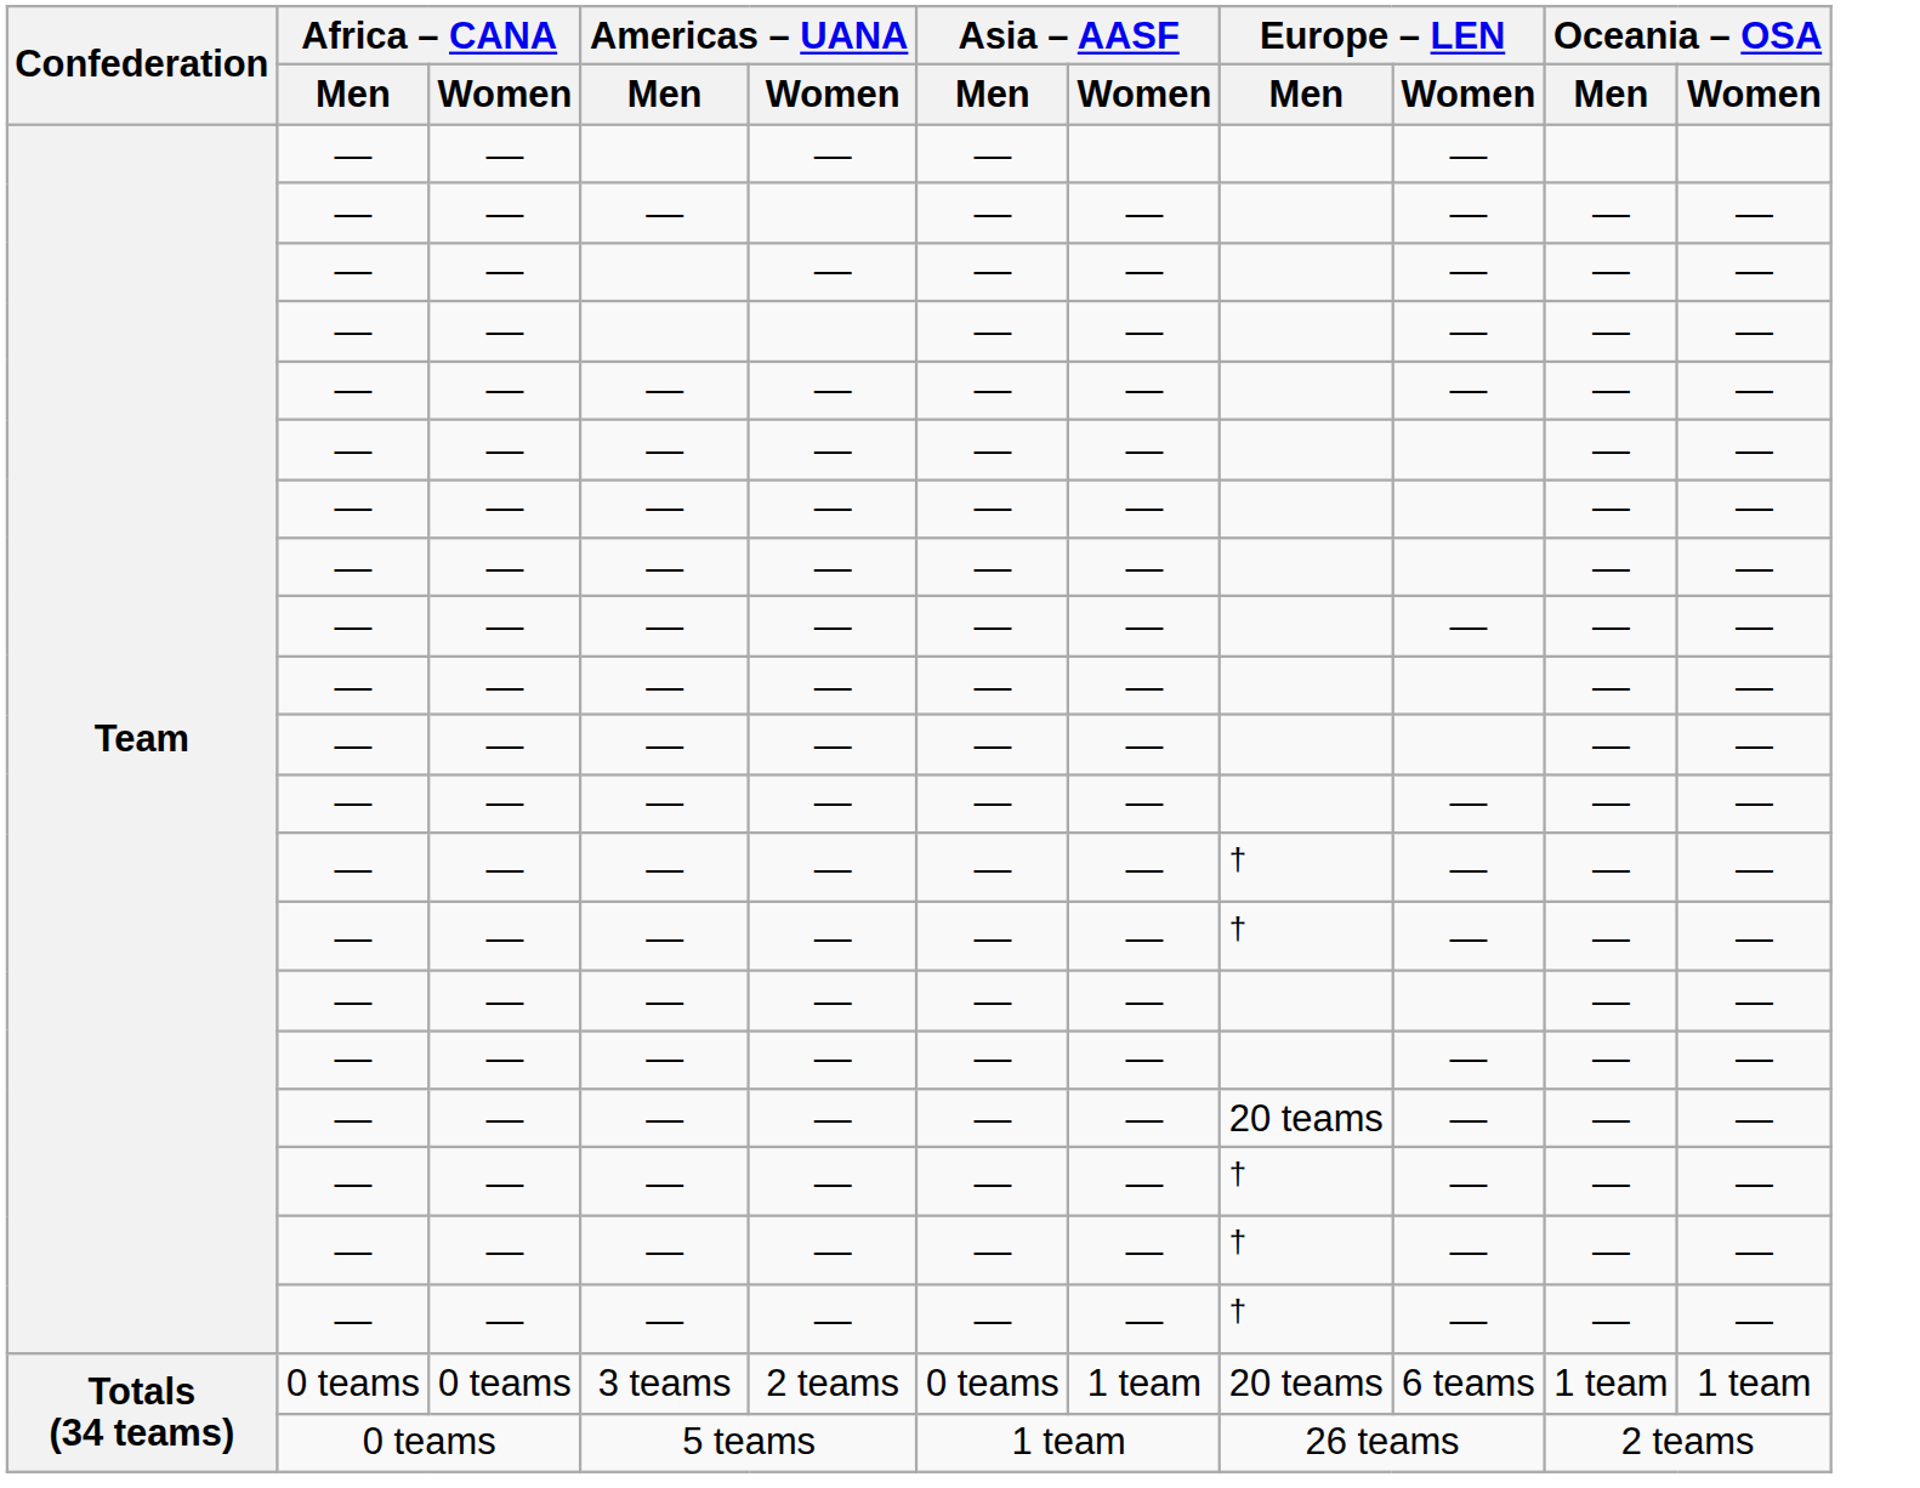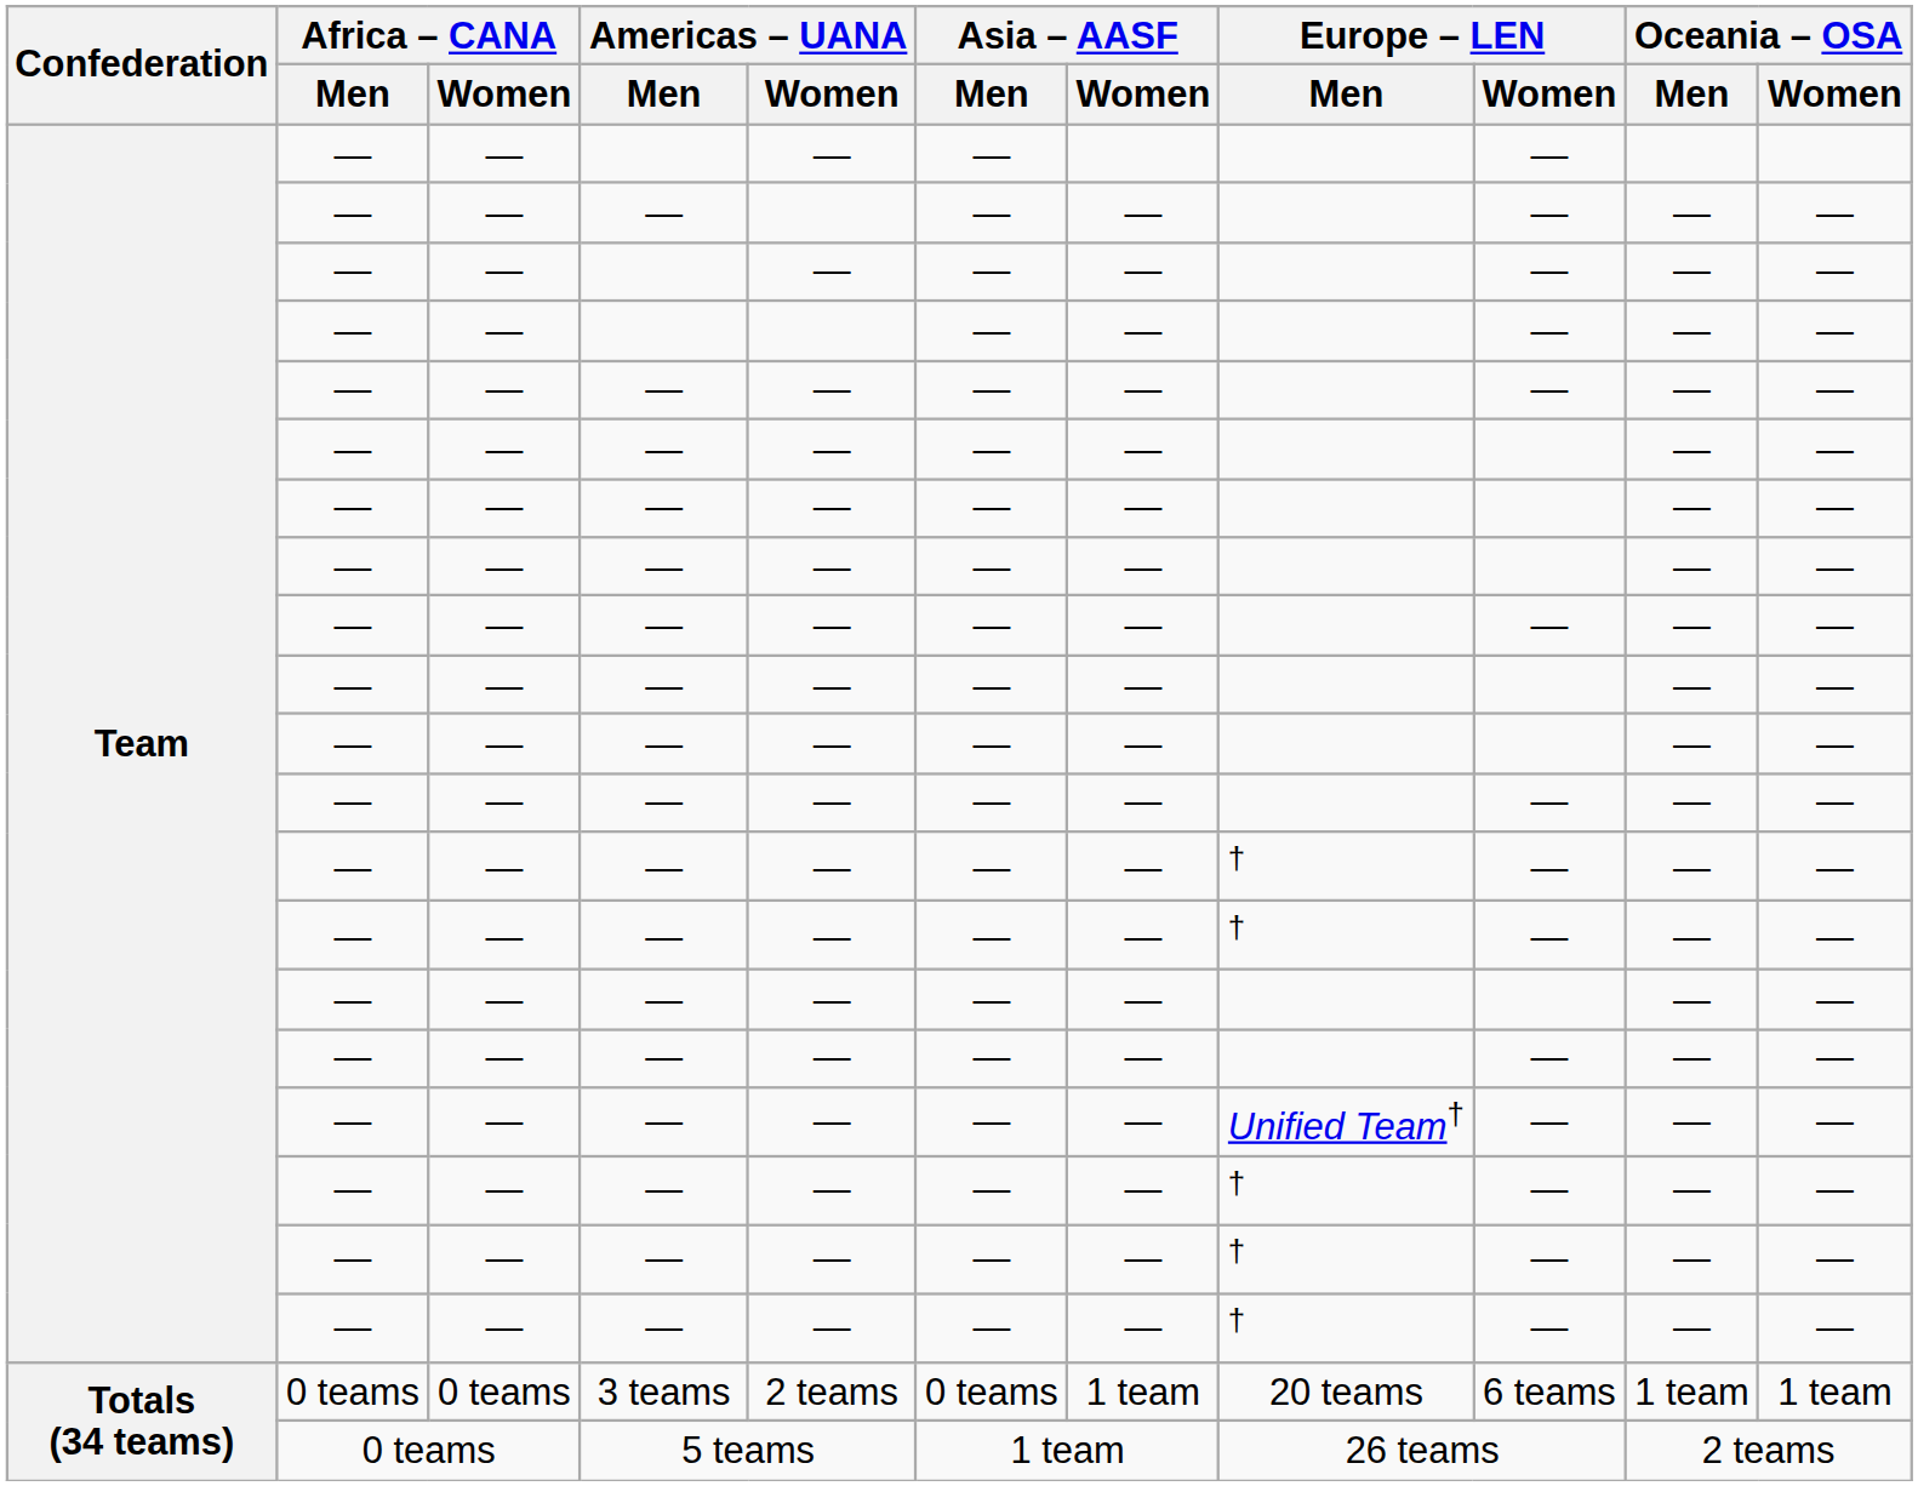 <table class="wikitable" style="text-align: center; font-size: 85%; margin-left: 1em;">
 <tr>
 <th rowspan="2">Confederation</th>
 <th colspan="2">Africa – <a href='#'>CANA</a></th>
 <th colspan="2">Americas – <a href='#'>UANA</a></th>
 <th colspan="2">Asia – <a href='#'>AASF</a></th>
 <th colspan="2">Europe – <a href='#'>LEN</a></th>
 <th colspan="2">Oceania – <a href='#'>OSA</a></th>
 </tr>
 <tr>
 <th>Men</th>
 <th>Women</th>
 <th>Men</th>
 <th>Women</th>
 <th>Men</th>
 <th>Women</th>
 <th>Men</th>
 <th>Women</th>
 <th>Men</th>
 <th>Women</th>
 </tr>
 <tr>
 <th rowspan="20">Team</th>
 <td>—</td>
 <td>—</td>
 <td style="text-align: left;"></td>
 <td>—</td>
 <td>—</td>
 <td style="text-align: left;"></td>
 <td style="text-align: left;"></td>
 <td>—</td>
 <td style="text-align: left;"></td>
 <td style="text-align: left;"></td>
 </tr>
 <tr>
 <td>—</td>
 <td>—</td>
 <td>—</td>
 <td style="text-align: left;"></td>
 <td>—</td>
 <td>—</td>
 <td style="text-align: left;"></td>
 <td>—</td>
 <td>—</td>
 <td>—</td>
 </tr>
 <tr>
 <td>—</td>
 <td>—</td>
 <td style="text-align: left;"></td>
 <td>—</td>
 <td>—</td>
 <td>—</td>
 <td style="text-align: left;"></td>
 <td>—</td>
 <td>—</td>
 <td>—</td>
 </tr>
 <tr>
 <td>—</td>
 <td>—</td>
 <td style="text-align: left;"></td>
 <td style="text-align: left;"></td>
 <td>—</td>
 <td>—</td>
 <td style="text-align: left;"></td>
 <td>—</td>
 <td>—</td>
 <td>—</td>
 </tr>
 <tr>
 <td>—</td>
 <td>—</td>
 <td>—</td>
 <td>—</td>
 <td>—</td>
 <td>—</td>
 <td style="text-align: left;"></td>
 <td>—</td>
 <td>—</td>
 <td>—</td>
 </tr>
 <tr>
 <td>—</td>
 <td>—</td>
 <td>—</td>
 <td>—</td>
 <td>—</td>
 <td>—</td>
 <td style="text-align: left;"></td>
 <td style="text-align: left;"></td>
 <td>—</td>
 <td>—</td>
 </tr>
 <tr>
 <td>—</td>
 <td>—</td>
 <td>—</td>
 <td>—</td>
 <td>—</td>
 <td>—</td>
 <td style="text-align: left;"></td>
 <td style="text-align: left;"></td>
 <td>—</td>
 <td>—</td>
 </tr>
 <tr>
 <td>—</td>
 <td>—</td>
 <td>—</td>
 <td>—</td>
 <td>—</td>
 <td>—</td>
 <td style="text-align: left;"></td>
 <td style="text-align: left;"></td>
 <td>—</td>
 <td>—</td>
 </tr>
 <tr>
 <td>—</td>
 <td>—</td>
 <td>—</td>
 <td>—</td>
 <td>—</td>
 <td>—</td>
 <td style="text-align: left;"></td>
 <td>—</td>
 <td>—</td>
 <td>—</td>
 </tr>
 <tr>
 <td>—</td>
 <td>—</td>
 <td>—</td>
 <td>—</td>
 <td>—</td>
 <td>—</td>
 <td style="text-align: left;"></td>
 <td style="text-align: left;"></td>
 <td>—</td>
 <td>—</td>
 </tr>
 <tr>
 <td>—</td>
 <td>—</td>
 <td>—</td>
 <td>—</td>
 <td>—</td>
 <td>—</td>
 <td style="text-align: left;"></td>
 <td style="text-align: left;"></td>
 <td>—</td>
 <td>—</td>
 </tr>
 <tr>
 <td>—</td>
 <td>—</td>
 <td>—</td>
 <td>—</td>
 <td>—</td>
 <td>—</td>
 <td style="text-align: left;"></td>
 <td>—</td>
 <td>—</td>
 <td>—</td>
 </tr>
 <tr>
 <td>—</td>
 <td>—</td>
 <td>—</td>
 <td>—</td>
 <td>—</td>
 <td>—</td>
 <td style="text-align: left;"><em></em><sup>†</sup></td>
 <td>—</td>
 <td>—</td>
 <td>—</td>
 </tr>
 <tr>
 <td>—</td>
 <td>—</td>
 <td>—</td>
 <td>—</td>
 <td>—</td>
 <td>—</td>
 <td style="text-align: left;"><em></em><sup>†</sup></td>
 <td>—</td>
 <td>—</td>
 <td>—</td>
 </tr>
 <tr>
 <td>—</td>
 <td>—</td>
 <td>—</td>
 <td>—</td>
 <td>—</td>
 <td>—</td>
 <td style="text-align: left;"></td>
 <td style="text-align: left;"></td>
 <td>—</td>
 <td>—</td>
 </tr>
 <tr>
 <td>—</td>
 <td>—</td>
 <td>—</td>
 <td>—</td>
 <td>—</td>
 <td>—</td>
 <td style="text-align: left;"></td>
 <td>—</td>
 <td>—</td>
 <td>—</td>
 </tr>
 <tr>
 <td>—</td>
 <td>—</td>
 <td>—</td>
 <td>—</td>
 <td>—</td>
 <td>—</td>
-<td>20 teams</td>
+<td style="text-align: left;"><em> <a href='#'>Unified Team</a></em><sup>†</sup></td>
 <td>—</td>
 <td>—</td>
 <td>—</td>
 </tr>
 <tr>
 <td>—</td>
 <td>—</td>
 <td>—</td>
 <td>—</td>
 <td>—</td>
 <td>—</td>
 <td style="text-align: left;"><em></em><sup>†</sup></td>
 <td>—</td>
 <td>—</td>
 <td>—</td>
 </tr>
 <tr>
 <td>—</td>
 <td>—</td>
 <td>—</td>
 <td>—</td>
 <td>—</td>
 <td>—</td>
 <td style="text-align: left;"><em></em><sup>†</sup></td>
 <td>—</td>
 <td>—</td>
 <td>—</td>
 </tr>
 <tr>
 <td>—</td>
 <td>—</td>
 <td>—</td>
 <td>—</td>
 <td>—</td>
 <td>—</td>
 <td style="text-align: left;"><em></em><sup>†</sup></td>
 <td>—</td>
 <td>—</td>
 <td>—</td>
 </tr>
 <tr>
 <th rowspan="2">Totals<br>(34 teams)</th>
 <td>0 teams</td>
 <td>0 teams</td>
 <td>3 teams</td>
 <td>2 teams</td>
 <td>0 teams</td>
 <td>1 team</td>
 <td>20 teams</td>
 <td>6 teams</td>
 <td>1 team</td>
 <td>1 team</td>
 </tr>
 <tr>
 <td colspan="2">0 teams</td>
 <td colspan="2">5 teams</td>
 <td colspan="2">1 team</td>
 <td colspan="2">26 teams</td>
 <td colspan="2">2 teams</td>
 </tr>
 </table>
